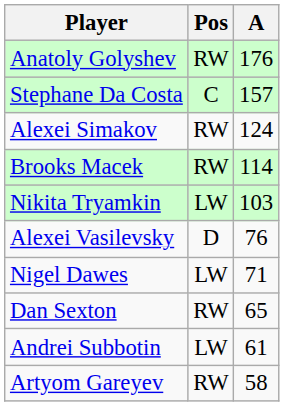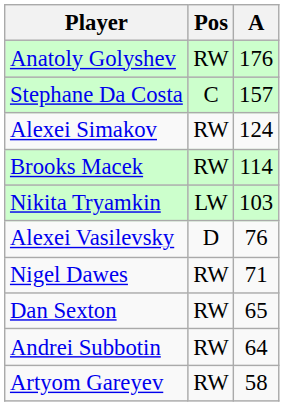 <table class="wikitable">
 <tr>
 <th>Player</th>
 <th>Pos</th>
 <th>A</th>
 </tr>
 <tr style="text-align:center;" bgcolor="#cfc">
 <td style="text-align:left;"> <a href='#'>Anatoly Golyshev</a></td>
 <td>RW</td>
 <td>176</td>
 </tr>
 <tr style="text-align:center;" bgcolor="#cfc">
 <td style="text-align:left;"> <a href='#'>Stephane Da Costa</a></td>
 <td>C</td>
 <td>157</td>
 </tr>
 <tr style="text-align:center;">
 <td style="text-align:left;"> <a href='#'>Alexei Simakov</a></td>
 <td>RW</td>
 <td>124</td>
 </tr>
 <tr style="text-align:center;" bgcolor="#cfc">
 <td style="text-align:left;"> <a href='#'>Brooks Macek</a></td>
 <td>RW</td>
 <td>114</td>
 </tr>
 <tr style="text-align:center;" bgcolor="#cfc">
 <td style="text-align:left;"> <a href='#'>Nikita Tryamkin</a></td>
 <td>LW</td>
 <td>103</td>
 </tr>
 <tr style="text-align:center;">
 <td style="text-align:left;"> <a href='#'>Alexei Vasilevsky</a></td>
 <td>D</td>
 <td>76</td>
 </tr>
 <tr style="text-align:center;">
 <td style="text-align:left;"> <a href='#'>Nigel Dawes</a></td>
-<td>LW</td>
+<td>RW</td>
 <td>71</td>
 </tr>
 <tr style="text-align:center;">
 <td style="text-align:left;"> <a href='#'>Dan Sexton</a></td>
 <td>RW</td>
 <td>65</td>
 </tr>
 <tr style="text-align:center;">
 <td style="text-align:left;"> <a href='#'>Andrei Subbotin</a></td>
-<td>LW</td>
-<td>61</td>
+<td>RW</td>
+<td>64</td>
 </tr>
 <tr style="text-align:center;">
 <td style="text-align:left;"> <a href='#'>Artyom Gareyev</a></td>
 <td>RW</td>
 <td>58</td>
 </tr>
 </table>
